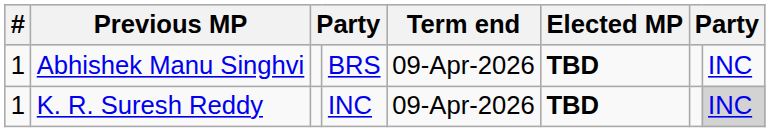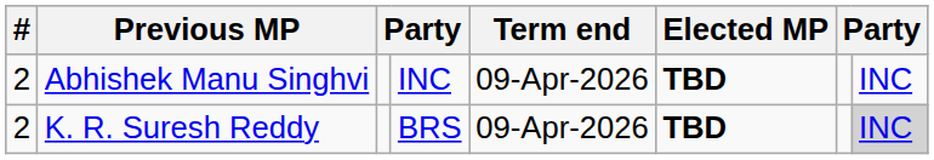 <table class="wikitable sortable">
 <tr>
 <th>#</th>
 <th>Previous MP</th>
 <th colspan="2">Party</th>
 <th>Term end</th>
 <th>Elected MP</th>
 <th colspan="2">Party</th>
 </tr>
 <tr>
-<td>1</td>
+<td>2</td>
 <td><a href='#'>Abhishek Manu Singhvi</a></td>
 <td></td>
-<td><a href='#'>BRS</a></td>
+<td><a href='#'>INC</a></td>
 <td>09-Apr-2026</td>
 <td><strong>TBD</strong></td>
 <td></td>
 <td><a href='#'>INC</a></td>
 </tr>
 <tr>
-<td>1</td>
+<td>2</td>
 <td><a href='#'>K. R. Suresh Reddy</a></td>
 <td></td>
-<td><a href='#'>INC</a></td>
+<td><a href='#'>BRS</a></td>
 <td>09-Apr-2026</td>
 <td><strong>TBD</strong></td>
 <td></td>
 <td style="background: lightgrey;"><a href='#'>INC</a></td>
 </tr>
 </table>
